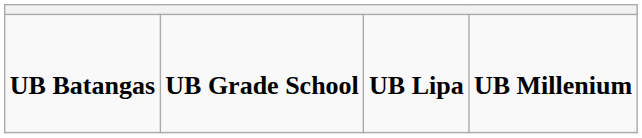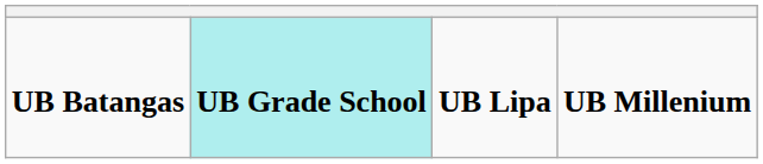 <table class="wikitable sortable">
 <tr>
 <th colspan="4"></th>
 </tr>
 <tr>
 <td><br><h3>UB Batangas</h3></td>
-<td><br><h3>UB Grade School</h3></td>
+<td style="background: paleturquoise;"><br><h3>UB Grade School</h3></td>
 <td><br><h3>UB Lipa</h3></td>
 <td><br><h3>UB Millenium</h3></td>
 </tr>
 </table>
